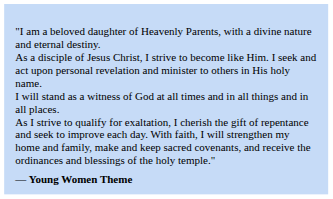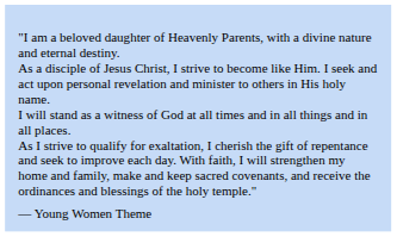 <table class="toccolours" style="float: right; margin-left: 1em; margin-right: 2em; font-size: 85%;padding: 4px 8px; background:#c6dbf7; color:black; width:30em; max-width: 400px;" cellspacing="5">
 <tr>
 <td style="text-align: left;"><br>"I am a beloved daughter of Heavenly Parents, with a divine nature and eternal destiny.<br>As a disciple of Jesus Christ, I strive to become like Him. I seek and act upon personal revelation and minister to others in His holy name.<br>I will stand as a witness of God at all times and in all things and in all places.<br>As I strive to qualify for exaltation, I cherish the gift of repentance and seek to improve each day. With faith, I will strengthen my home and family, make and keep sacred covenants, and receive the ordinances and blessings of the holy temple."</td>
 </tr>
 <tr>
-<td style="text-align: left;"><strong>— Young Women Theme</strong></td>
+<td style="text-align: left;">— Young Women Theme</td>
 </tr>
 </table>
